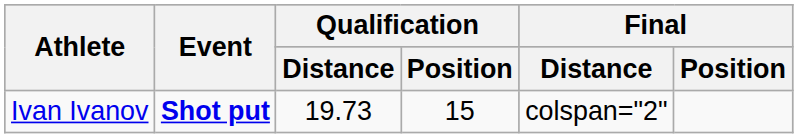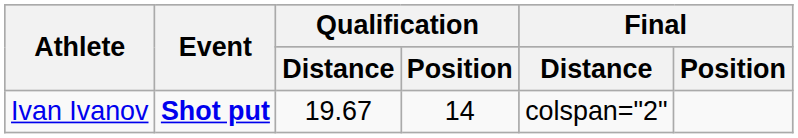 <table class="wikitable">
 <tr>
 <th rowspan="2">Athlete</th>
 <th rowspan="2">Event</th>
 <th colspan="2">Qualification</th>
 <th colspan="2">Final</th>
 </tr>
 <tr>
 <th>Distance</th>
 <th>Position</th>
 <th>Distance</th>
 <th>Position</th>
 </tr>
 <tr style=text-align:center>
 <td style=text-align:left><a href='#'>Ivan Ivanov</a></td>
 <td style=text-align:left><strong><a href='#'>Shot put</a></strong></td>
-<td>19.73</td>
-<td>15</td>
+<td>19.67</td>
+<td>14</td>
 <td>colspan="2" </td>
 </tr>
 </table>
